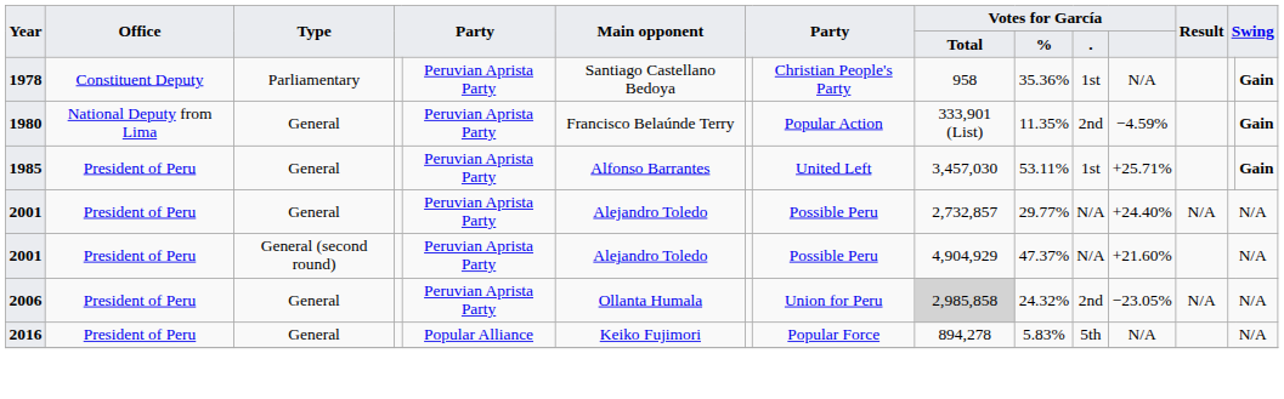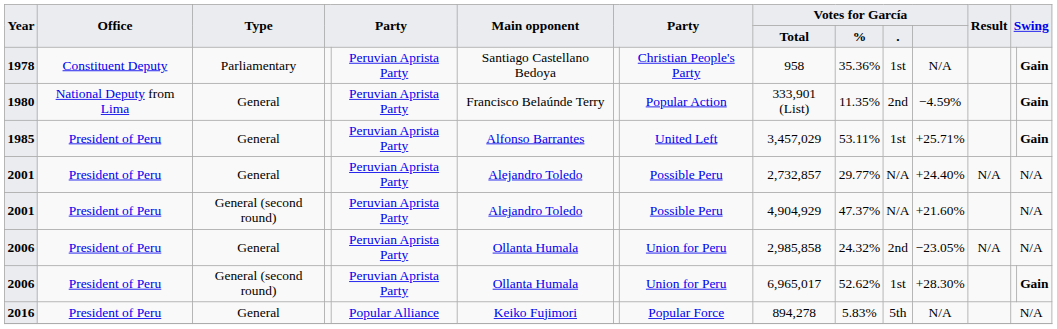 <table class="wikitable" style="text-align:center;">
 <tr>
 <th style="background-color:#EAECF0;" rowspan=2>Year</th>
 <th style="background-color:#EAECF0;" rowspan=2>Office</th>
 <th style="background-color:#EAECF0;" rowspan=2>Type</th>
 <th style="background-color:#EAECF0;" colspan=2 rowspan=2>Party</th>
 <th style="background-color:#EAECF0;" rowspan=2>Main opponent</th>
 <th style="background-color:#EAECF0;" colspan=2 rowspan=2>Party</th>
 <th style="background-color:#EAECF0;" colspan=4>Votes for García</th>
 <th style="background-color:#EAECF0;" rowspan=2>Result</th>
 <th style="background-color:#EAECF0;" colspan=2 rowspan=2><a href='#'>Swing</a></th>
 </tr>
 <tr>
 <th style="background-color:#EAECF0;">Total</th>
 <th style="background-color:#EAECF0;">%</th>
 <th style="background-color:#EAECF0;">.</th>
 <th style="background-color:#EAECF0;"></th>
 </tr>
 <tr>
 <th style="background-color:#EAECF0;">1978</th>
 <td><a href='#'>Constituent Deputy</a></td>
 <td>Parliamentary</td>
 <td style="background-color:"></td>
 <td><a href='#'>Peruvian Aprista Party</a></td>
 <td>Santiago Castellano Bedoya</td>
 <td style="background-color:"></td>
 <td><a href='#'>Christian People's Party</a></td>
 <td>958</td>
 <td>35.36%</td>
 <td>1st</td>
 <td>N/A</td>
 <td></td>
 <td style="background-color:"></td>
 <td><strong>Gain</strong></td>
 </tr>
 <tr>
 <th style="background-color:#EAECF0;">1980</th>
 <td><a href='#'>National Deputy</a> from <a href='#'>Lima</a></td>
 <td>General</td>
 <td style="background-color:"></td>
 <td><a href='#'>Peruvian Aprista Party</a></td>
 <td>Francisco Belaúnde Terry</td>
 <td style="background-color:"></td>
 <td><a href='#'>Popular Action</a></td>
 <td>333,901 (List)</td>
 <td>11.35%</td>
 <td>2nd</td>
 <td>−4.59%</td>
 <td></td>
 <td style="background-color:"></td>
 <td><strong>Gain</strong></td>
 </tr>
 <tr>
 <th style="background-color:#EAECF0;">1985</th>
 <td><a href='#'>President of Peru</a></td>
 <td>General</td>
 <td style="background-color:"></td>
 <td><a href='#'>Peruvian Aprista Party</a></td>
 <td><a href='#'>Alfonso Barrantes</a></td>
 <td style="background-color:"></td>
 <td><a href='#'>United Left</a></td>
-<td>3,457,030</td>
+<td>3,457,029</td>
 <td>53.11%</td>
 <td>1st</td>
 <td>+25.71%</td>
 <td></td>
 <td style="background-color:"></td>
 <td><strong>Gain</strong></td>
 </tr>
 <tr>
 <th style="background-color:#EAECF0;">2001</th>
 <td><a href='#'>President of Peru</a></td>
 <td>General</td>
 <td style="background-color:"></td>
 <td><a href='#'>Peruvian Aprista Party</a></td>
 <td><a href='#'>Alejandro Toledo</a></td>
 <td style="background-color:"></td>
 <td><a href='#'>Possible Peru</a></td>
 <td>2,732,857</td>
 <td>29.77%</td>
 <td>N/A</td>
 <td>+24.40%</td>
 <td>N/A</td>
 <td colspan=2>N/A</td>
 </tr>
 <tr>
 <th style="background-color:#EAECF0;">2001</th>
 <td><a href='#'>President of Peru</a></td>
 <td>General (second round)</td>
 <td style="background-color:"></td>
 <td><a href='#'>Peruvian Aprista Party</a></td>
 <td><a href='#'>Alejandro Toledo</a></td>
 <td style="background-color:"></td>
 <td><a href='#'>Possible Peru</a></td>
 <td>4,904,929</td>
 <td>47.37%</td>
 <td>N/A</td>
 <td>+21.60%</td>
 <td></td>
 <td colspan=2>N/A</td>
 </tr>
 <tr>
 <th style="background-color:#EAECF0;">2006</th>
 <td><a href='#'>President of Peru</a></td>
 <td>General</td>
 <td style="background-color:"></td>
 <td><a href='#'>Peruvian Aprista Party</a></td>
 <td><a href='#'>Ollanta Humala</a></td>
 <td style="background-color:"></td>
 <td><a href='#'>Union for Peru</a></td>
-<td style="background: lightgrey;">2,985,858</td>
+<td>2,985,858</td>
 <td>24.32%</td>
 <td>2nd</td>
 <td>−23.05%</td>
 <td>N/A</td>
 <td colspan=2>N/A</td>
+</tr>
+<tr>
+<th style="background-color:#EAECF0;">2006</th>
+<td><a href='#'>President of Peru</a></td>
+<td>General (second round)</td>
+<td style="background-color:"></td>
+<td><a href='#'>Peruvian Aprista Party</a></td>
+<td><a href='#'>Ollanta Humala</a></td>
+<td style="background-color:"></td>
+<td><a href='#'>Union for Peru</a></td>
+<td>6,965,017</td>
+<td>52.62%</td>
+<td>1st</td>
+<td>+28.30%</td>
+<td></td>
+<td style="background-color:"></td>
+<td><strong>Gain</strong></td>
 </tr>
 <tr>
 <th style="background-color:#EAECF0;">2016</th>
 <td><a href='#'>President of Peru</a></td>
 <td>General</td>
 <td style="background-color:"></td>
 <td><a href='#'>Popular Alliance</a></td>
 <td><a href='#'>Keiko Fujimori</a></td>
 <td style="background-color:"></td>
 <td><a href='#'>Popular Force</a></td>
 <td>894,278</td>
 <td>5.83%</td>
 <td>5th</td>
 <td>N/A</td>
 <td></td>
 <td colspan=2>N/A</td>
 </tr>
 <tr>
 </tr>
 </table>
